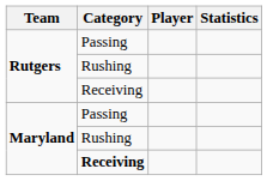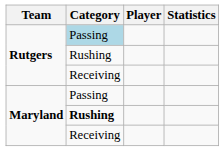 <table class="wikitable" style="float: right;">
 <tr>
 <th>Team</th>
 <th>Category</th>
 <th>Player</th>
 <th>Statistics</th>
 </tr>
 <tr>
 <td rowspan=3><strong>Rutgers</strong></td>
-<td>Passing</td>
+<td style="background: lightblue;">Passing</td>
 <td></td>
 <td></td>
 </tr>
 <tr>
 <td>Rushing</td>
 <td></td>
 <td></td>
 </tr>
 <tr>
 <td>Receiving</td>
 <td></td>
 <td></td>
 </tr>
 <tr>
 <td rowspan=3><strong>Maryland</strong></td>
 <td>Passing</td>
 <td></td>
 <td></td>
 </tr>
 <tr>
-<td>Rushing</td>
+<td><strong>Rushing</strong></td>
 <td></td>
 <td></td>
 </tr>
 <tr>
-<td><strong>Receiving</strong></td>
+<td>Receiving</td>
 <td></td>
 <td></td>
 </tr>
 </table>
